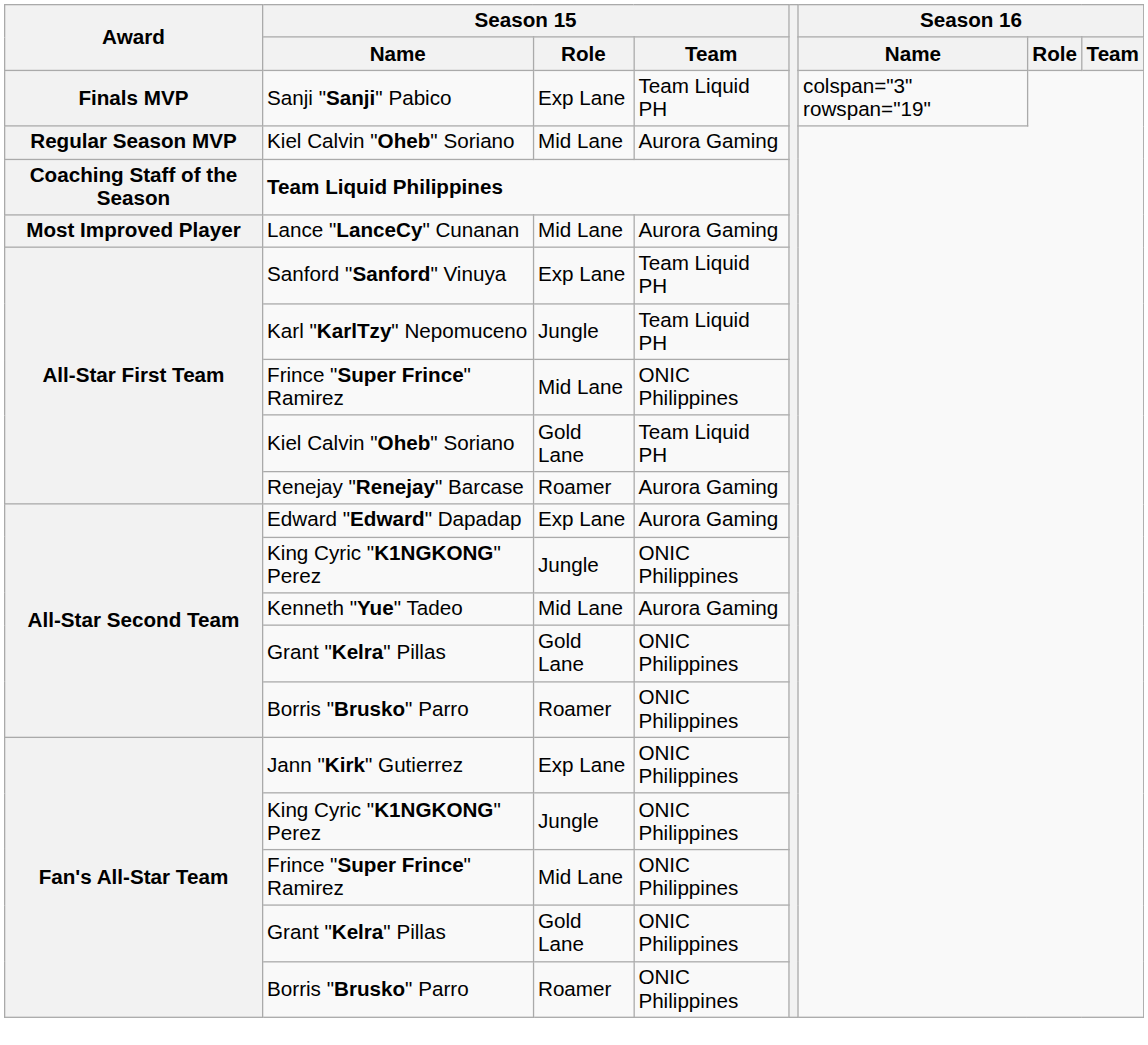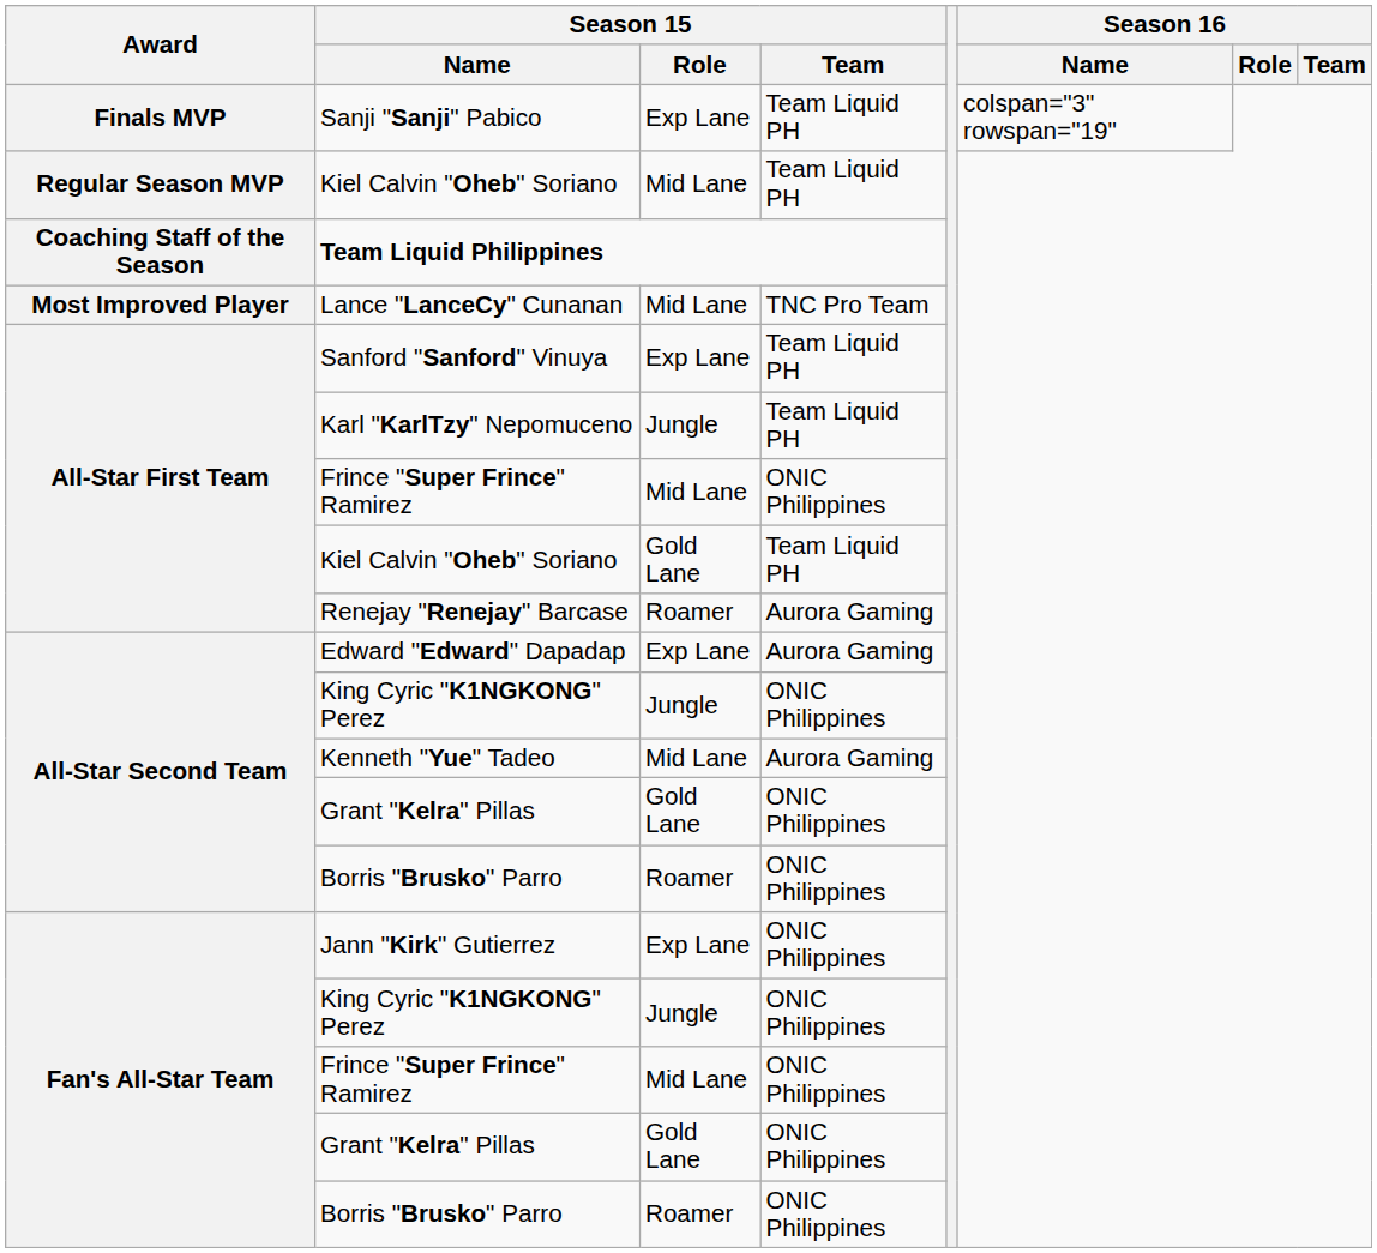 <table class="wikitable" style="margin-left:auto; margin-right:auto;">
 <tr>
 <th rowspan="2">Award</th>
 <th colspan="3">Season 15</th>
 <th rowspan="21"></th>
 <th colspan="3">Season 16</th>
 </tr>
 <tr>
 <th>Name</th>
 <th>Role</th>
 <th>Team</th>
 <th>Name</th>
 <th>Role</th>
 <th>Team</th>
 </tr>
 <tr>
 <th>Finals MVP</th>
 <td>Sanji "<strong>Sanji</strong>" Pabico</td>
 <td>Exp Lane</td>
 <td>Team Liquid PH</td>
 <td>colspan="3" rowspan="19" </td>
 </tr>
 <tr>
 <th>Regular Season MVP</th>
 <td>Kiel Calvin "<strong>Oheb</strong>" Soriano</td>
 <td>Mid Lane</td>
-<td>Aurora Gaming</td>
+<td>Team Liquid PH</td>
 </tr>
 <tr>
 <th>Coaching Staff of the Season</th>
 <td colspan="3"><strong>Team Liquid Philippines</strong></td>
 </tr>
 <tr>
 <th>Most Improved Player</th>
 <td>Lance "<strong>LanceCy</strong>" Cunanan</td>
 <td>Mid Lane</td>
-<td>Aurora Gaming</td>
+<td>TNC Pro Team</td>
 </tr>
 <tr>
 <th rowspan="5">All-Star First Team</th>
 <td>Sanford "<strong>Sanford</strong>" Vinuya</td>
 <td>Exp Lane</td>
 <td>Team Liquid PH</td>
 </tr>
 <tr>
 <td>Karl "<strong>KarlTzy</strong>" Nepomuceno</td>
 <td>Jungle</td>
 <td>Team Liquid PH</td>
 </tr>
 <tr>
 <td>Frince "<strong>Super Frince</strong>" Ramirez</td>
 <td>Mid Lane</td>
 <td>ONIC Philippines</td>
 </tr>
 <tr>
 <td>Kiel Calvin "<strong>Oheb</strong>" Soriano</td>
 <td>Gold Lane</td>
 <td>Team Liquid PH</td>
 </tr>
 <tr>
 <td>Renejay "<strong>Renejay</strong>" Barcase</td>
 <td>Roamer</td>
 <td>Aurora Gaming</td>
 </tr>
 <tr>
 <th rowspan="5">All-Star Second Team</th>
 <td>Edward "<strong>Edward</strong>" Dapadap</td>
 <td>Exp Lane</td>
 <td>Aurora Gaming</td>
 </tr>
 <tr>
 <td>King Cyric "<strong>K1NGKONG</strong>" Perez</td>
 <td>Jungle</td>
 <td>ONIC Philippines</td>
 </tr>
 <tr>
 <td>Kenneth "<strong>Yue</strong>" Tadeo</td>
 <td>Mid Lane</td>
 <td>Aurora Gaming</td>
 </tr>
 <tr>
 <td>Grant "<strong>Kelra</strong>" Pillas</td>
 <td>Gold Lane</td>
 <td>ONIC Philippines</td>
 </tr>
 <tr>
 <td>Borris "<strong>Brusko</strong>" Parro</td>
 <td>Roamer</td>
 <td>ONIC Philippines</td>
 </tr>
 <tr>
 <th rowspan="5">Fan's All-Star Team</th>
 <td>Jann "<strong>Kirk</strong>" Gutierrez</td>
 <td>Exp Lane</td>
 <td>ONIC Philippines</td>
 </tr>
 <tr>
 <td>King Cyric "<strong>K1NGKONG</strong>" Perez</td>
 <td>Jungle</td>
 <td>ONIC Philippines</td>
 </tr>
 <tr>
 <td>Frince "<strong>Super Frince</strong>" Ramirez</td>
 <td>Mid Lane</td>
 <td>ONIC Philippines</td>
 </tr>
 <tr>
 <td>Grant "<strong>Kelra</strong>" Pillas</td>
 <td>Gold Lane</td>
 <td>ONIC Philippines</td>
 </tr>
 <tr>
 <td>Borris "<strong>Brusko</strong>" Parro</td>
 <td>Roamer</td>
 <td>ONIC Philippines</td>
 </tr>
 </table>
